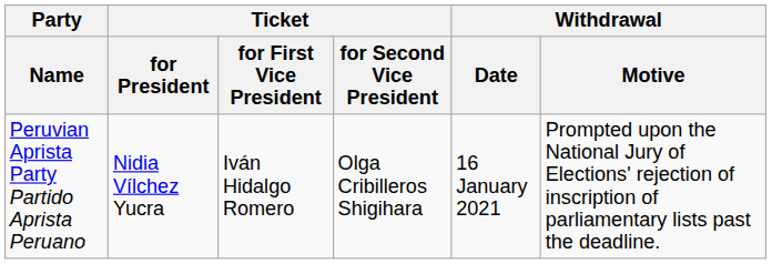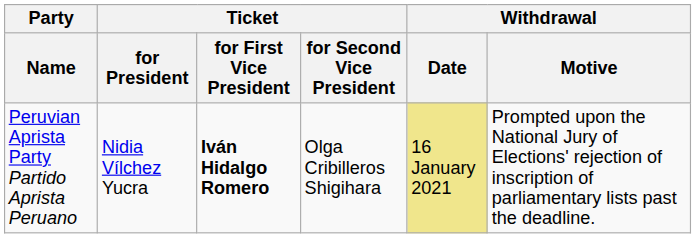 <table class="wikitable">
 <tr style="background:#ddd;">
 <th>Party</th>
 <th colspan=3>Ticket</th>
 <th colspan=2>Withdrawal</th>
 </tr>
 <tr style="background:#eee;">
 <th>Name</th>
 <th>for President</th>
 <th>for First Vice President</th>
 <th>for Second Vice President</th>
 <th>Date</th>
 <th>Motive</th>
 </tr>
 <tr>
 <td><a href='#'>Peruvian Aprista Party</a> <br><em>Partido Aprista Peruano</em></td>
 <td><a href='#'>Nidia Vílchez</a> Yucra</td>
-<td>Iván Hidalgo Romero</td>
+<td><strong>Iván Hidalgo Romero</strong></td>
 <td>Olga Cribilleros Shigihara</td>
-<td>16 January 2021</td>
+<td style="background: khaki;">16 January 2021</td>
 <td>Prompted upon the National Jury of Elections' rejection of inscription of parliamentary lists past the deadline.</td>
 </tr>
 </table>
